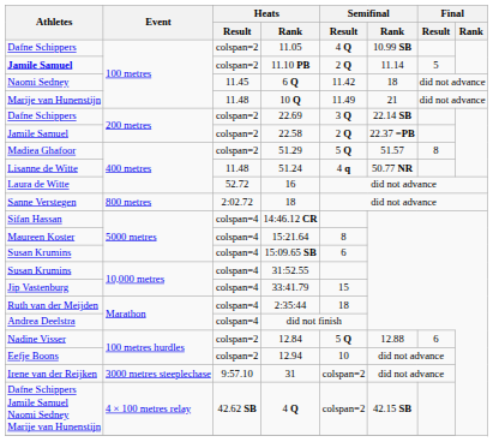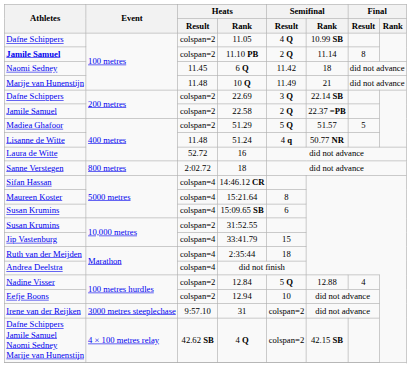 <table class="wikitable" border="1" style="font-size:90%">
 <tr>
 <th rowspan="2">Athletes</th>
 <th rowspan="2">Event</th>
 <th colspan="2">Heats</th>
 <th colspan="2">Semifinal</th>
 <th colspan="2">Final</th>
 </tr>
 <tr>
 <th>Result</th>
 <th>Rank</th>
 <th>Result</th>
 <th>Rank</th>
 <th>Result</th>
 <th>Rank</th>
 </tr>
 <tr>
 <td><a href='#'>Dafne Schippers</a></td>
 <td rowspan=4><a href='#'>100 metres</a></td>
 <td>colspan=2</td>
 <td align=center>11.05</td>
 <td align=center>4 <strong>Q</strong></td>
 <td align=center>10.99 <strong>SB</strong></td>
 <td align=center></td>
 </tr>
 <tr>
 <td><strong><a href='#'>Jamile Samuel</a></strong></td>
 <td>colspan=2</td>
 <td align=center>11.10 <strong>PB</strong></td>
 <td align=center>2 <strong>Q</strong></td>
 <td align=center>11.14</td>
-<td align=center>5</td>
+<td align=center>8</td>
 </tr>
 <tr>
 <td><a href='#'>Naomi Sedney</a></td>
 <td align=center>11.45</td>
 <td align=center>6 <strong>Q</strong></td>
 <td align=center>11.42</td>
 <td align=center>18</td>
 <td align=center colspan=2>did not advance</td>
 </tr>
 <tr>
 <td><a href='#'>Marije van Hunenstijn</a></td>
 <td align=center>11.48</td>
 <td align=center>10 <strong>Q</strong></td>
 <td align=center>11.49</td>
 <td align=center>21</td>
 <td align=center colspan=2>did not advance</td>
 </tr>
 <tr>
 <td><a href='#'>Dafne Schippers</a></td>
 <td rowspan=2><a href='#'>200 metres</a></td>
 <td>colspan=2</td>
 <td align=center>22.69</td>
 <td align=center>3 <strong>Q</strong></td>
 <td align=center>22.14 <strong>SB</strong></td>
 <td align=center></td>
 </tr>
 <tr>
 <td><a href='#'>Jamile Samuel</a></td>
 <td>colspan=2</td>
 <td align=center>22.58</td>
 <td align=center>2 <strong>Q</strong></td>
 <td align=center>22.37 <strong>=PB</strong></td>
 <td align=center></td>
 </tr>
 <tr>
 <td><a href='#'>Madiea Ghafoor</a></td>
 <td rowspan=3><a href='#'>400 metres</a></td>
 <td>colspan=2</td>
 <td align=center>51.29</td>
 <td align=center>5 <strong>Q</strong></td>
 <td align=center>51.57</td>
-<td align=center>8</td>
+<td align=center>5</td>
 </tr>
 <tr>
 <td><a href='#'>Lisanne de Witte</a></td>
 <td align=center>11.48</td>
 <td align=center>51.24</td>
 <td align=center>4 <strong>q</strong></td>
 <td align=center>50.77 <strong>NR</strong></td>
 <td align=center></td>
 </tr>
 <tr>
 <td><a href='#'>Laura de Witte</a></td>
 <td align=center>52.72</td>
 <td align=center>16</td>
 <td align=center colspan=4>did not advance</td>
 </tr>
 <tr>
 <td><a href='#'>Sanne Verstegen</a></td>
 <td><a href='#'>800 metres</a></td>
 <td align=center>2:02.72</td>
 <td align=center>18</td>
 <td align=center colspan=4>did not advance</td>
 </tr>
 <tr>
 <td><a href='#'>Sifan Hassan</a></td>
 <td rowspan=3><a href='#'>5000 metres</a></td>
 <td>colspan=4 </td>
 <td align=center>14:46.12 <strong>CR</strong></td>
 <td align=center></td>
 </tr>
 <tr>
 <td><a href='#'>Maureen Koster</a></td>
 <td>colspan=4 </td>
 <td align=center>15:21.64</td>
 <td align=center>8</td>
 </tr>
 <tr>
 <td><a href='#'>Susan Krumins</a></td>
 <td>colspan=4 </td>
 <td align=center>15:09.65 <strong>SB</strong></td>
 <td align=center>6</td>
 </tr>
 <tr>
 <td><a href='#'>Susan Krumins</a></td>
 <td rowspan=2><a href='#'>10,000 metres</a></td>
-<td>colspan=4 </td>
+<td>colspan=2</td>
 <td align=center>31:52.55</td>
 <td align=center></td>
 </tr>
 <tr>
 <td><a href='#'>Jip Vastenburg</a></td>
 <td>colspan=4 </td>
 <td align=center>33:41.79</td>
 <td align=center>15</td>
 </tr>
 <tr>
 <td><a href='#'>Ruth van der Meijden</a></td>
 <td rowspan=2><a href='#'>Marathon</a></td>
 <td>colspan=4 </td>
 <td align=center>2:35:44</td>
 <td align=center>18</td>
 </tr>
 <tr>
 <td><a href='#'>Andrea Deelstra</a></td>
 <td>colspan=4 </td>
 <td align=center colspan=2>did not finish</td>
 </tr>
 <tr>
 <td><a href='#'>Nadine Visser</a></td>
 <td rowspan=2><a href='#'>100 metres hurdles</a></td>
 <td>colspan=2</td>
 <td align=center>12.84</td>
 <td align=center>5 <strong>Q</strong></td>
 <td align=center>12.88</td>
-<td align=center>6</td>
+<td align=center>4</td>
 </tr>
 <tr>
 <td><a href='#'>Eefje Boons</a></td>
 <td>colspan=2</td>
 <td align=center>12.94</td>
 <td align=center>10</td>
 <td align=center colspan=2>did not advance</td>
 </tr>
 <tr>
 <td><a href='#'>Irene van der Reijken</a></td>
 <td><a href='#'>3000 metres steeplechase</a></td>
 <td align=center>9:57.10</td>
 <td align=center>31</td>
 <td>colspan=2 </td>
 <td align=center colspan=2>did not advance</td>
 </tr>
 <tr>
 <td><a href='#'>Dafne Schippers</a><br><a href='#'>Jamile Samuel</a><br><a href='#'>Naomi Sedney</a><br><a href='#'>Marije van Hunenstijn</a></td>
 <td><a href='#'>4 × 100 metres relay</a></td>
 <td align=center>42.62 <strong>SB</strong></td>
 <td align=center>4 <strong>Q</strong></td>
 <td>colspan=2 </td>
 <td align=center>42.15 <strong>SB</strong></td>
 <td align=center></td>
 </tr>
 <tr>
 </tr>
 </table>
